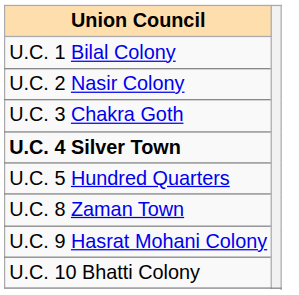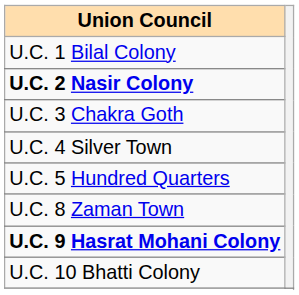 <table class="sortable wikitable" align="left">
 <tr>
 <th style="background:#ffdead;"><strong>Union Council</strong></th>
 <th rowspan=10 style="border-bottom:1px solid grey;" valign="top" class="unsortable"><br><br></th>
 </tr>
 <tr>
 <td style="border-bottom:1px solid grey;">U.C. 1 <a href='#'>Bilal Colony</a></td>
 </tr>
 <tr>
-<td style="border-bottom:1px solid grey;">U.C. 2 <a href='#'>Nasir Colony</a></td>
+<td style="border-bottom:1px solid grey;"><strong>U.C. 2 <a href='#'>Nasir Colony</a></strong></td>
 </tr>
 <tr>
 <td style="border-bottom:1px solid grey;">U.C. 3 <a href='#'>Chakra Goth</a></td>
 </tr>
 <tr>
-<td style="border-bottom:1px solid grey;"><strong>U.C. 4 Silver Town</strong></td>
+<td style="border-bottom:1px solid grey;">U.C. 4 Silver Town</td>
 </tr>
 <tr>
 <td style="border-bottom:1px solid grey;">U.C. 5 <a href='#'>Hundred Quarters</a></td>
 </tr>
 <tr>
 <td style="border-bottom:1px solid grey;">U.C. 8 <a href='#'>Zaman Town</a></td>
 </tr>
 <tr>
-<td style="border-bottom:1px solid grey;">U.C. 9 <a href='#'>Hasrat Mohani Colony</a></td>
+<td style="border-bottom:1px solid grey;"><strong>U.C. 9 <a href='#'>Hasrat Mohani Colony</a></strong></td>
 </tr>
 <tr>
 <td style="border-bottom:1px solid grey;">U.C. 10 Bhatti Colony</td>
 </tr>
 <tr>
 </tr>
 </table>
